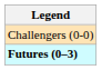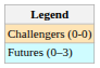 <table class="wikitable collapsible collapsed" style=font-size:97%>
 <tr>
 <th>Legend</th>
 </tr>
 <tr bgcolor=moccasin>
 <td>Challengers (0-0)</td>
 </tr>
 <tr bgcolor=CFFCFF>
-<td><strong>Futures (0–3)</strong></td>
+<td>Futures (0–3)</td>
 </tr>
 </table>
